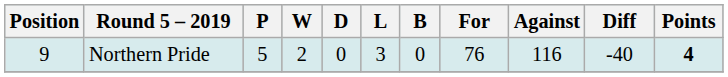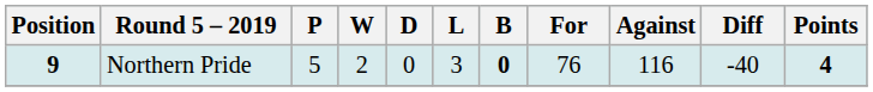 <table class="wikitable" style="text-align:center; font-size:85%;">
 <tr style="background: #d7ebed;">
 <th width="40" abbr="Position">Position</th>
 <th width="100">Round 5 – 2019</th>
 <th width="20" abbr="Played">P</th>
 <th width="20" abbr="Won">W</th>
 <th width="20" abbr="Drawn">D</th>
 <th width="20" abbr="Lost">L</th>
 <th width="20" abbr="Bye">B</th>
 <th width="40" abbr="Points for">For</th>
 <th width="40" abbr="Points against">Against</th>
 <th width="40" abbr="Points difference">Diff</th>
 <th width="40" abbr="Points">Points</th>
 </tr>
 <tr style="background: #d7ebed;">
-<td>9</td>
+<td><strong>9</strong></td>
 <td style="text-align:left;"> Northern Pride</td>
 <td>5</td>
 <td>2</td>
 <td>0</td>
 <td>3</td>
-<td>0</td>
+<td><strong>0</strong></td>
 <td>76</td>
 <td>116</td>
 <td>-40</td>
 <td><strong>4</strong></td>
 </tr>
 <tr>
 </tr>
 </table>
